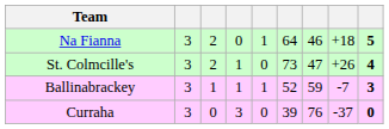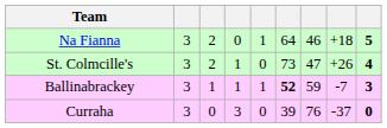 <table class="wikitable" style="text-align:center">
 <tr>
 <th style="width:175px;">Team</th>
 <th width="20"></th>
 <th width="20"></th>
 <th width="20"></th>
 <th width="20"></th>
 <th width="20"></th>
 <th width="20"></th>
 <th width="20"></th>
 <th width="20"></th>
 </tr>
 <tr style="background:#cfc;">
 <td><a href='#'>Na Fianna</a></td>
 <td>3</td>
 <td>2</td>
 <td>0</td>
 <td>1</td>
 <td>64</td>
 <td>46</td>
 <td>+18</td>
 <td><strong>5</strong></td>
 </tr>
 <tr style="background:#cfc;">
 <td>St. Colmcille's</td>
 <td>3</td>
 <td>2</td>
 <td>1</td>
 <td>0</td>
 <td>73</td>
 <td>47</td>
 <td>+26</td>
 <td><strong>4</strong></td>
 </tr>
 <tr style="background:#fcf;">
 <td>Ballinabrackey</td>
 <td>3</td>
 <td>1</td>
 <td>1</td>
 <td>1</td>
-<td>52</td>
+<td><strong>52</strong></td>
 <td>59</td>
 <td>-7</td>
 <td><strong>3</strong></td>
 </tr>
 <tr style="background:#fcf;">
 <td>Curraha</td>
 <td>3</td>
 <td>0</td>
 <td>3</td>
 <td>0</td>
 <td>39</td>
 <td>76</td>
 <td>-37</td>
 <td><strong>0</strong></td>
 </tr>
 </table>
